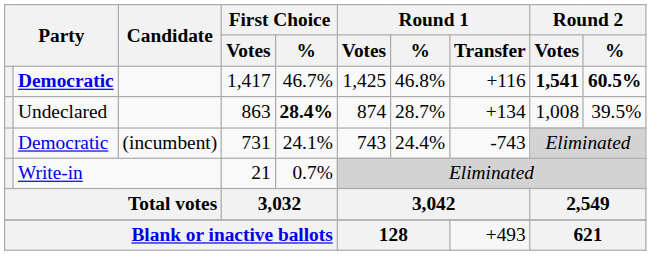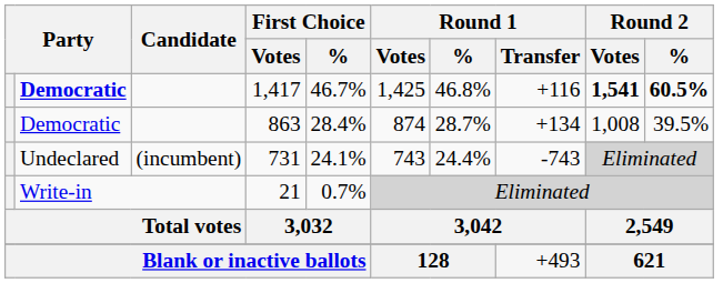 <table class="wikitable sortable" style="text-align:right">
 <tr>
 <th colspan=2 rowspan=2>Party</th>
 <th rowspan=2>Candidate</th>
 <th colspan=2>First Choice</th>
 <th colspan=3>Round 1</th>
 <th colspan=2>Round 2</th>
 </tr>
 <tr>
 <th>Votes</th>
 <th>%</th>
 <th>Votes</th>
 <th>%</th>
 <th>Transfer</th>
 <th>Votes</th>
 <th>%</th>
 </tr>
 <tr>
 <th style="background-color:"></th>
 <td style="text-align:left"><strong><a href='#'>Democratic</a></strong></td>
 <td style="text-align:left" scope="row"><strong></strong></td>
 <td>1,417</td>
 <td>46.7%</td>
 <td>1,425</td>
 <td>46.8%</td>
 <td>+116</td>
 <td><strong>1,541</strong></td>
 <td><strong>60.5%</strong></td>
 </tr>
 <tr>
 <th style="background-color:"></th>
-<td style="text-align:left">Undeclared</td>
+<td style="text-align:left"><a href='#'>Democratic</a></td>
 <td style="text-align:left" scope="row"></td>
 <td>863</td>
-<td><strong>28.4%</strong></td>
+<td>28.4%</td>
 <td>874</td>
 <td>28.7%</td>
 <td>+134</td>
 <td>1,008</td>
 <td>39.5%</td>
 </tr>
 <tr>
 <th style="background-color:"></th>
-<td style="text-align:left"><a href='#'>Democratic</a></td>
+<td style="text-align:left">Undeclared</td>
 <td style="text-align:left" scope="row"> (incumbent)</td>
 <td>731</td>
 <td>24.1%</td>
 <td>743</td>
 <td>24.4%</td>
 <td>-743</td>
 <td colspan="2"  style="background:lightgrey; text-align:center;"><em>Eliminated</em></td>
 </tr>
 <tr>
 <th style="background-color:"></th>
 <td style="text-align:left" colspan=2><a href='#'>Write-in</a></td>
 <td>21</td>
 <td>0.7%</td>
 <td colspan="5"  style="background:lightgrey; text-align:center;"><em>Eliminated</em></td>
 </tr>
 <tr class="sortbottom" style="background-color:#F6F6F6">
 <th colspan=3 scope="row" style="text-align:right;"><strong>Total votes</strong></th>
 <th colspan=2><strong>3,032</strong></th>
 <th colspan=3><strong>3,042</strong></th>
 <th colspan=2><strong>2,549</strong></th>
 </tr>
 <tr class="sortbottom">
 </tr>
 <tr class="sortbottom" style="background-color:#F6F6F6">
 <th colspan=5 scope="row" style="text-align:right;"><a href='#'>Blank or inactive ballots</a></th>
 <th colspan=2>128</th>
 <td>+493</td>
 <th colspan=2>621</th>
 </tr>
 </table>
